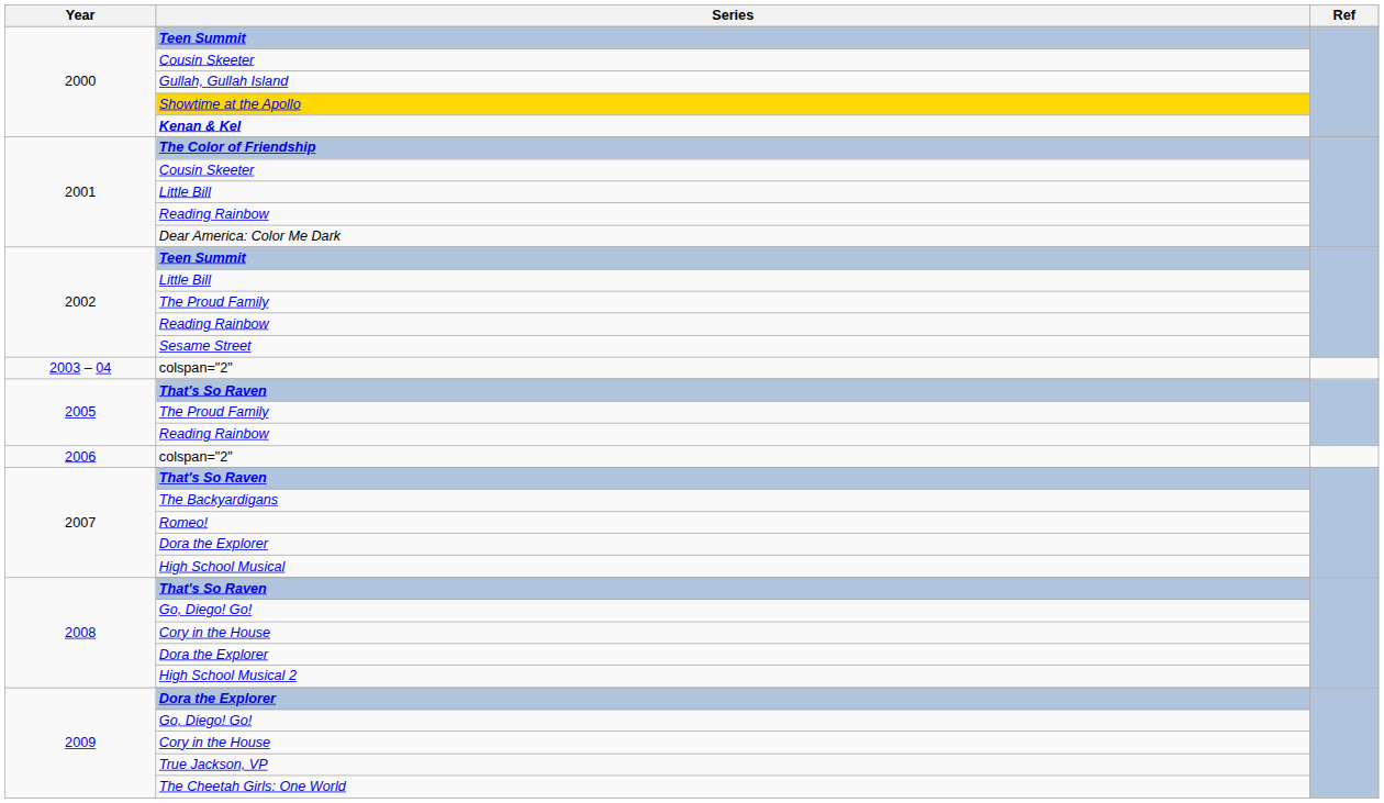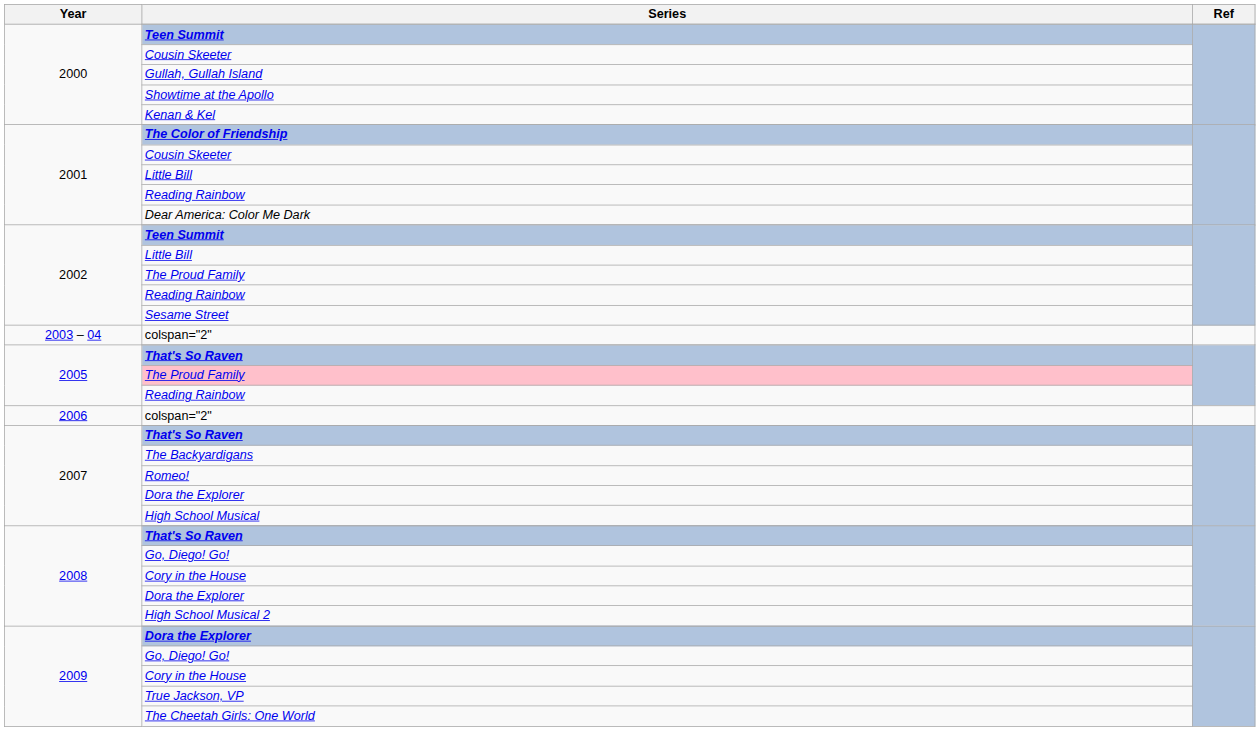 <table class="wikitable" style="width:100%;">
 <tr style="background:#bebebe;">
 <th style="width:11%;">Year</th>
 <th style="width:84%;">Series</th>
 <th style="width:5%;">Ref</th>
 </tr>
 <tr>
 <td rowspan="6" align="center">2000</td>
 </tr>
 <tr style="background:#B0C4DE">
 <td><strong><em><a href='#'>Teen Summit</a></em></strong></td>
 <td rowspan="6" align="center"></td>
 </tr>
 <tr>
 <td><em><a href='#'>Cousin Skeeter</a></em></td>
 </tr>
 <tr>
 <td><em><a href='#'>Gullah, Gullah Island</a></em></td>
 </tr>
 <tr>
-<td style="background: gold;"><em><a href='#'>Showtime at the Apollo</a></em></td>
+<td><em><a href='#'>Showtime at the Apollo</a></em></td>
 </tr>
 <tr>
-<td><strong><em><a href='#'>Kenan & Kel</a></em></strong></td>
+<td><em><a href='#'>Kenan & Kel</a></em></td>
 </tr>
 <tr>
 <td rowspan="6" align="center">2001</td>
 </tr>
 <tr style="background:#B0C4DE">
 <td><strong><em><a href='#'>The Color of Friendship</a></em></strong></td>
 <td rowspan="6" align="center"></td>
 </tr>
 <tr>
 <td><em><a href='#'>Cousin Skeeter</a></em></td>
 </tr>
 <tr>
 <td><em><a href='#'>Little Bill</a></em></td>
 </tr>
 <tr>
 <td><em><a href='#'>Reading Rainbow</a></em></td>
 </tr>
 <tr>
 <td><em>Dear America: Color Me Dark</em></td>
 </tr>
 <tr>
 <td rowspan="6" align="center">2002</td>
 </tr>
 <tr style="background:#B0C4DE">
 <td><strong><em><a href='#'>Teen Summit</a></em></strong></td>
 <td rowspan="5" align="center"></td>
 </tr>
 <tr>
 <td><em><a href='#'>Little Bill</a></em></td>
 </tr>
 <tr>
 <td><em><a href='#'>The Proud Family</a></em></td>
 </tr>
 <tr>
 <td><em><a href='#'>Reading Rainbow</a></em></td>
 </tr>
 <tr>
 <td><em><a href='#'>Sesame Street</a></em></td>
 </tr>
 <tr>
 <td align="center"><a href='#'>2003</a> – <a href='#'>04</a></td>
 <td>colspan="2" </td>
 </tr>
 <tr>
 <td rowspan="4" align="center"><a href='#'>2005</a></td>
 </tr>
 <tr style="background:#B0C4DE">
 <td><strong><em><a href='#'>That's So Raven</a></em></strong></td>
 <td rowspan="3" align="center"></td>
 </tr>
 <tr>
-<td><em><a href='#'>The Proud Family</a></em></td>
+<td style="background: pink;"><em><a href='#'>The Proud Family</a></em></td>
 </tr>
 <tr>
 <td><em><a href='#'>Reading Rainbow</a></em></td>
 </tr>
 <tr>
 <td align="center"><a href='#'>2006</a></td>
 <td>colspan="2" </td>
 </tr>
 <tr>
 <td rowspan="6" align="center">2007</td>
 </tr>
 <tr style="background:#B0C4DE">
 <td><strong><em><a href='#'>That's So Raven</a></em></strong></td>
 <td rowspan="6" align="center"></td>
 </tr>
 <tr>
 <td><em><a href='#'>The Backyardigans</a></em></td>
 </tr>
 <tr>
 <td><em><a href='#'>Romeo!</a></em></td>
 </tr>
 <tr>
 <td><em><a href='#'>Dora the Explorer</a></em></td>
 </tr>
 <tr>
 <td><em><a href='#'>High School Musical</a></em></td>
 </tr>
 <tr>
 <td rowspan="6" align="center"><a href='#'>2008</a></td>
 </tr>
 <tr style="background:#B0C4DE">
 <td><strong><em><a href='#'>That's So Raven</a></em></strong></td>
 <td rowspan="6" align="center"></td>
 </tr>
 <tr>
 <td><em><a href='#'>Go, Diego! Go!</a></em></td>
 </tr>
 <tr>
 <td><em><a href='#'>Cory in the House</a></em></td>
 </tr>
 <tr>
 <td><em><a href='#'>Dora the Explorer</a></em></td>
 </tr>
 <tr>
 <td><em><a href='#'>High School Musical 2</a></em></td>
 </tr>
 <tr>
 <td rowspan="6" align="center"><a href='#'>2009</a></td>
 </tr>
 <tr style="background:#B0C4DE">
 <td><strong><em><a href='#'>Dora the Explorer</a></em></strong></td>
 <td rowspan="6" align="center"></td>
 </tr>
 <tr>
 <td><em><a href='#'>Go, Diego! Go!</a></em></td>
 </tr>
 <tr>
 <td><em><a href='#'>Cory in the House</a></em></td>
 </tr>
 <tr>
 <td><em><a href='#'>True Jackson, VP</a></em></td>
 </tr>
 <tr>
 <td><em><a href='#'>The Cheetah Girls: One World</a></em></td>
 </tr>
 </table>
